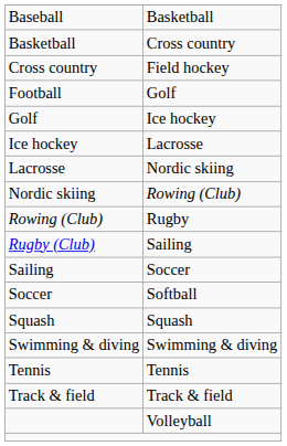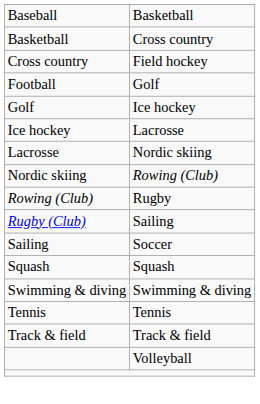 <table class="wikitable" style=" ">
 <tr>
 </tr>
 <tr>
 <td>Baseball</td>
 <td>Basketball</td>
 </tr>
 <tr>
 <td>Basketball</td>
 <td>Cross country</td>
 </tr>
 <tr>
 <td>Cross country</td>
 <td>Field hockey</td>
 </tr>
 <tr>
 <td>Football</td>
 <td>Golf</td>
 </tr>
 <tr>
 <td>Golf</td>
 <td>Ice hockey</td>
 </tr>
 <tr>
 <td>Ice hockey</td>
 <td>Lacrosse</td>
 </tr>
 <tr>
 <td>Lacrosse</td>
 <td>Nordic skiing</td>
 </tr>
 <tr>
 <td>Nordic skiing</td>
 <td><em>Rowing (Club)</em></td>
 </tr>
 <tr>
 <td><em>Rowing (Club)</em></td>
 <td>Rugby</td>
 </tr>
 <tr>
 <td><em><a href='#'>Rugby (Club)</a></em></td>
 <td>Sailing</td>
 </tr>
 <tr>
 <td>Sailing</td>
 <td>Soccer</td>
 </tr>
 <tr>
-<td>Soccer</td>
-<td>Softball</td>
-</tr>
-<tr>
 <td>Squash</td>
 <td>Squash</td>
 </tr>
 <tr>
 <td>Swimming & diving</td>
 <td>Swimming & diving</td>
 </tr>
 <tr>
 <td>Tennis</td>
 <td>Tennis</td>
 </tr>
 <tr>
 <td>Track & field</td>
 <td>Track & field</td>
 </tr>
 <tr>
 <td></td>
 <td>Volleyball</td>
 </tr>
 <tr>
 <td colspan="2"></td>
 </tr>
 </table>
